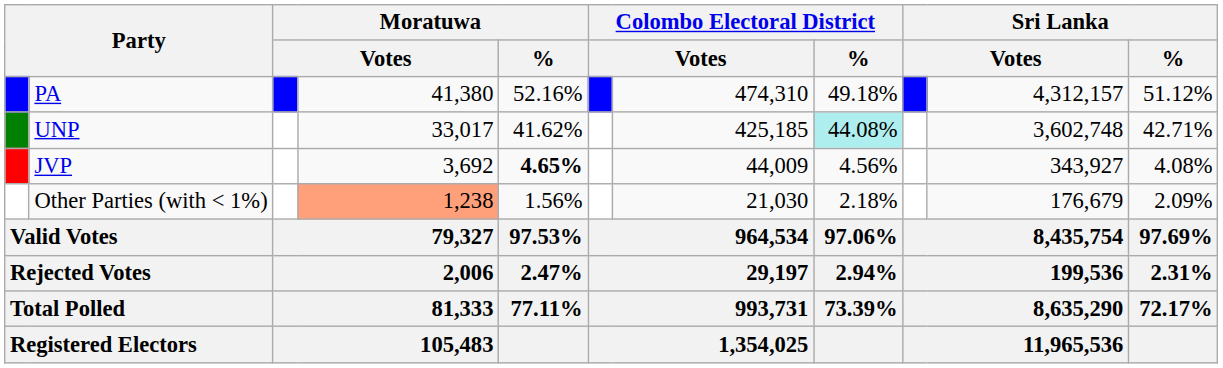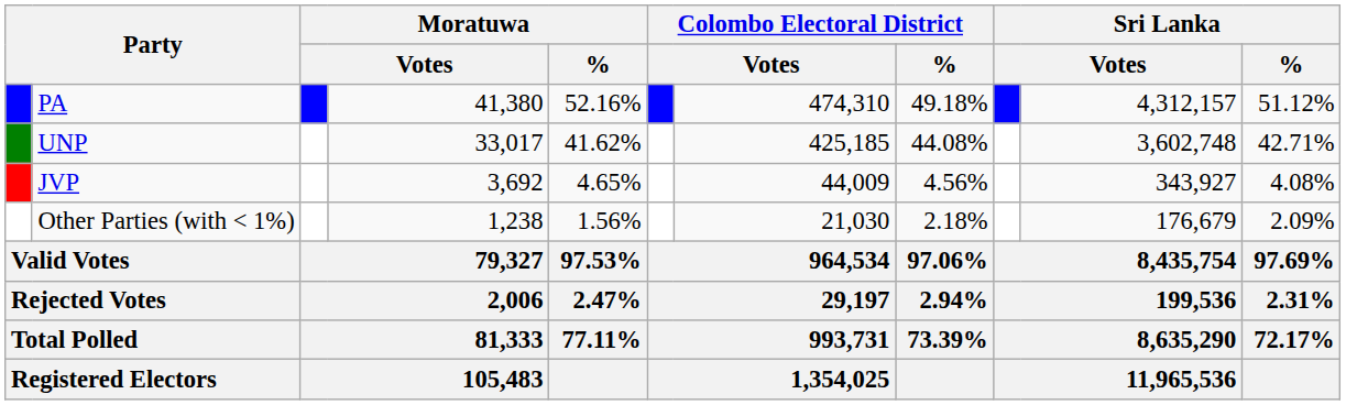 <table class="wikitable">
 <tr>
 <th colspan="2" width="144px"rowspan="2">Party</th>
 <th colspan="3" width="216px">Moratuwa</th>
 <th colspan="3" width="216px"><a href='#'>Colombo Electoral District</a></th>
 <th colspan="3" width="216px">Sri Lanka</th>
 </tr>
 <tr>
 <th colspan="2" width="144px">Votes</th>
 <th>%</th>
 <th colspan="2" width="144px">Votes</th>
 <th>%</th>
 <th colspan="2" width="144px">Votes</th>
 <th>%</th>
 </tr>
 <tr>
 <td style="background-color:blue;" width="10px"></td>
 <td style="text-align:left;"><a href='#'>PA</a></td>
 <td style="background-color:blue;" width="10px"></td>
 <td style="text-align:right;">41,380</td>
 <td style="text-align:right;">52.16%</td>
 <td style="background-color:blue;" width="10px"></td>
 <td style="text-align:right;">474,310</td>
 <td style="text-align:right;">49.18%</td>
 <td style="background-color:blue;" width="10px"></td>
 <td style="text-align:right;">4,312,157</td>
 <td style="text-align:right;">51.12%</td>
 </tr>
 <tr>
 <td style="background-color:green;" width="10px"></td>
 <td style="text-align:left;"><a href='#'>UNP</a></td>
 <td style="background-color:white;" width="10px"></td>
 <td style="text-align:right;">33,017</td>
 <td style="text-align:right;">41.62%</td>
 <td style="background-color:white;" width="10px"></td>
 <td style="text-align:right;">425,185</td>
-<td style="background: paleturquoise; text-align:right;">44.08%</td>
+<td style="text-align:right;">44.08%</td>
 <td style="background-color:white;" width="10px"></td>
 <td style="text-align:right;">3,602,748</td>
 <td style="text-align:right;">42.71%</td>
 </tr>
 <tr>
 <td style="background-color:red;" width="10px"></td>
 <td style="text-align:left;"><a href='#'>JVP</a></td>
 <td style="background-color:white;" width="10px"></td>
 <td style="text-align:right;">3,692</td>
-<td style="text-align:right;"><strong>4.65%</strong></td>
+<td style="text-align:right;">4.65%</td>
 <td style="background-color:white;" width="10px"></td>
 <td style="text-align:right;">44,009</td>
 <td style="text-align:right;">4.56%</td>
 <td style="background-color:white;" width="10px"></td>
 <td style="text-align:right;">343,927</td>
 <td style="text-align:right;">4.08%</td>
 </tr>
 <tr>
 <td style="background-color:white;" width="10px"></td>
 <td style="text-align:left;">Other Parties (with < 1%)</td>
 <td style="background-color:white;" width="10px"></td>
-<td style="background: lightsalmon; text-align:right;">1,238</td>
+<td style="text-align:right;">1,238</td>
 <td style="text-align:right;">1.56%</td>
 <td style="background-color:white;" width="10px"></td>
 <td style="text-align:right;">21,030</td>
 <td style="text-align:right;">2.18%</td>
 <td style="background-color:white;" width="10px"></td>
 <td style="text-align:right;">176,679</td>
 <td style="text-align:right;">2.09%</td>
 </tr>
 <tr>
 <th colspan="2" width="144px"style="text-align:left;">Valid Votes</th>
 <th style="text-align:right;"colspan="2" width="144px">79,327</th>
 <th style="text-align:right;">97.53%</th>
 <th style="text-align:right;"colspan="2" width="144px">964,534</th>
 <th style="text-align:right;">97.06%</th>
 <th style="text-align:right;"colspan="2" width="144px">8,435,754</th>
 <th style="text-align:right;">97.69%</th>
 </tr>
 <tr>
 <th colspan="2" width="144px"style="text-align:left;">Rejected Votes</th>
 <th style="text-align:right;"colspan="2" width="144px">2,006</th>
 <th style="text-align:right;">2.47%</th>
 <th style="text-align:right;"colspan="2" width="144px">29,197</th>
 <th style="text-align:right;">2.94%</th>
 <th style="text-align:right;"colspan="2" width="144px">199,536</th>
 <th style="text-align:right;">2.31%</th>
 </tr>
 <tr>
 <th colspan="2" width="144px"style="text-align:left;">Total Polled</th>
 <th style="text-align:right;"colspan="2" width="144px">81,333</th>
 <th style="text-align:right;">77.11%</th>
 <th style="text-align:right;"colspan="2" width="144px">993,731</th>
 <th style="text-align:right;">73.39%</th>
 <th style="text-align:right;"colspan="2" width="144px">8,635,290</th>
 <th style="text-align:right;">72.17%</th>
 </tr>
 <tr>
 <th colspan="2" width="144px"style="text-align:left;">Registered Electors</th>
 <th style="text-align:right;"colspan="2" width="144px">105,483</th>
 <th></th>
 <th style="text-align:right;"colspan="2" width="144px">1,354,025</th>
 <th></th>
 <th style="text-align:right;"colspan="2" width="144px">11,965,536</th>
 <th></th>
 </tr>
 </table>
